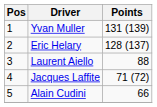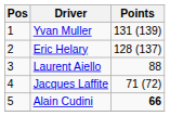 <table class="wikitable" style="font-size: 85%;">
 <tr>
 <th>Pos</th>
 <th>Driver</th>
 <th>Points</th>
 </tr>
 <tr>
 <td>1</td>
 <td> <a href='#'>Yvan Muller</a></td>
 <td align="right">131 (139)</td>
 </tr>
 <tr>
 <td>2</td>
 <td> <a href='#'>Eric Helary</a></td>
 <td align="right">128 (137)</td>
 </tr>
 <tr>
 <td>3</td>
 <td> <a href='#'>Laurent Aiello</a></td>
 <td align="right">88</td>
 </tr>
 <tr>
 <td>4</td>
 <td> <a href='#'>Jacques Laffite</a></td>
 <td align="right">71 (72)</td>
 </tr>
 <tr>
 <td>5</td>
 <td> <a href='#'>Alain Cudini</a></td>
-<td align="right">66</td>
+<td align="right"><strong>66</strong></td>
 </tr>
 <tr>
 </tr>
 </table>
